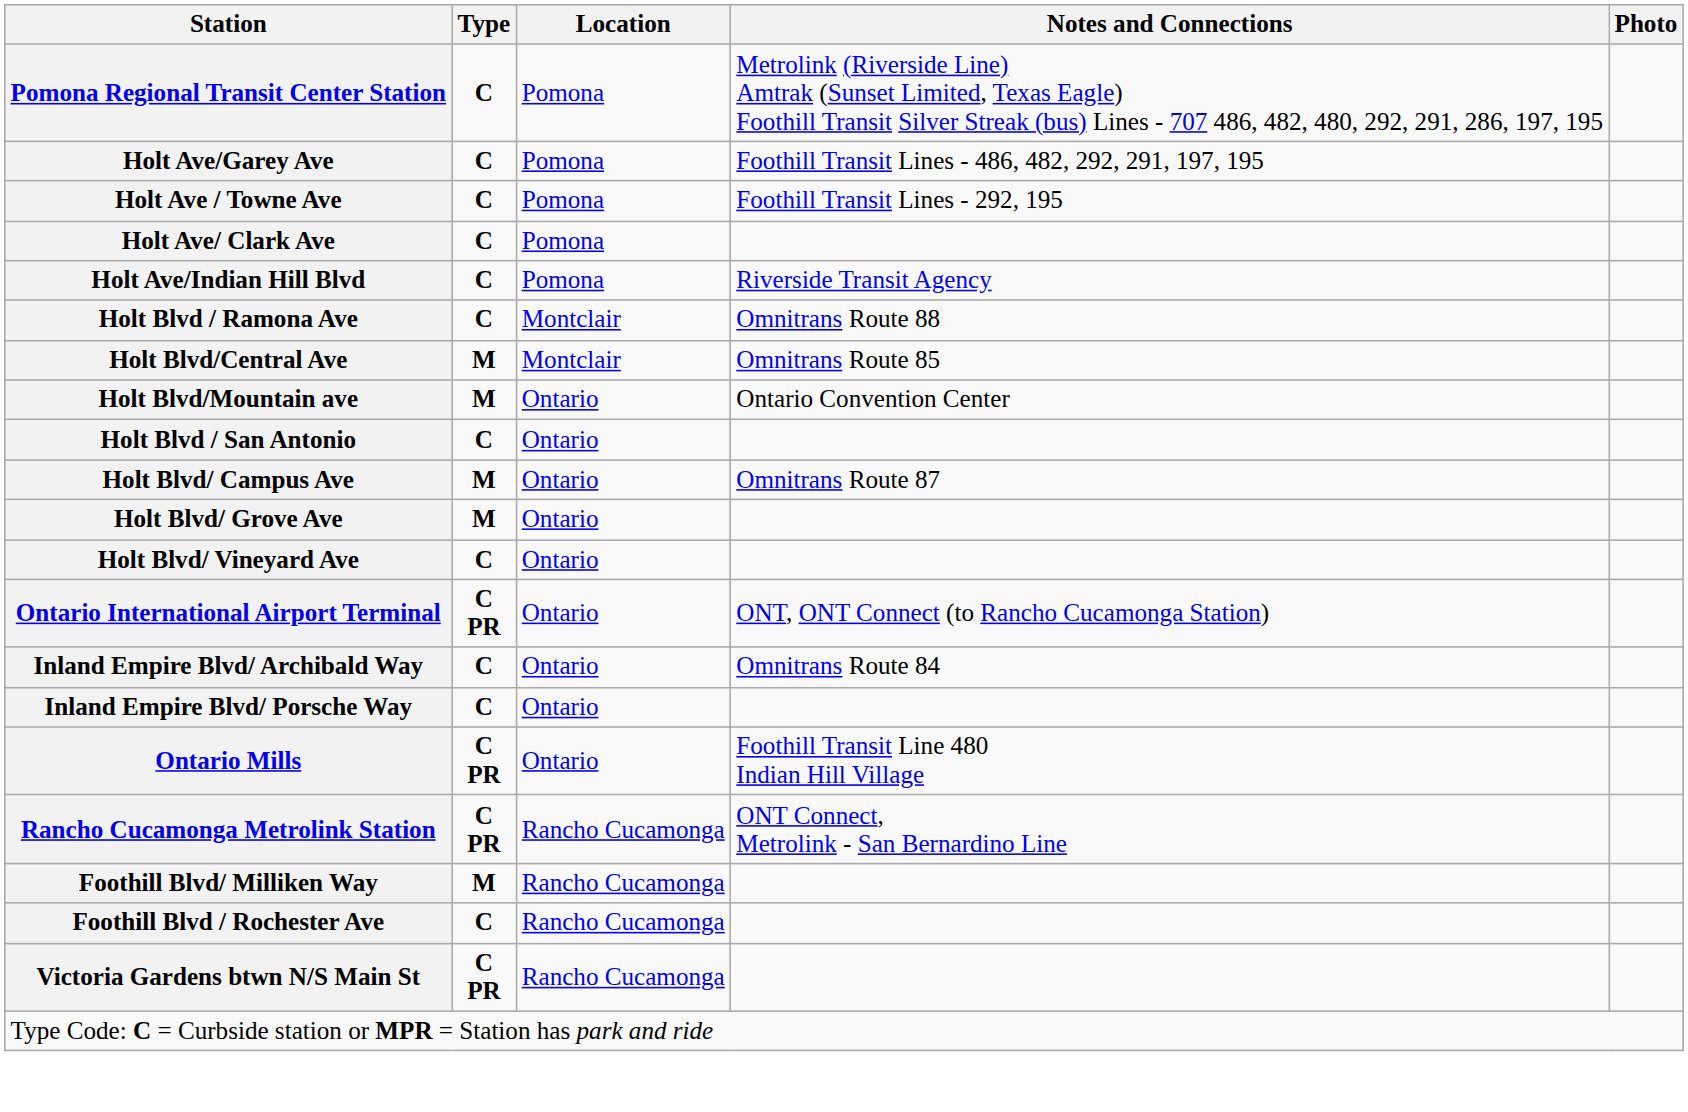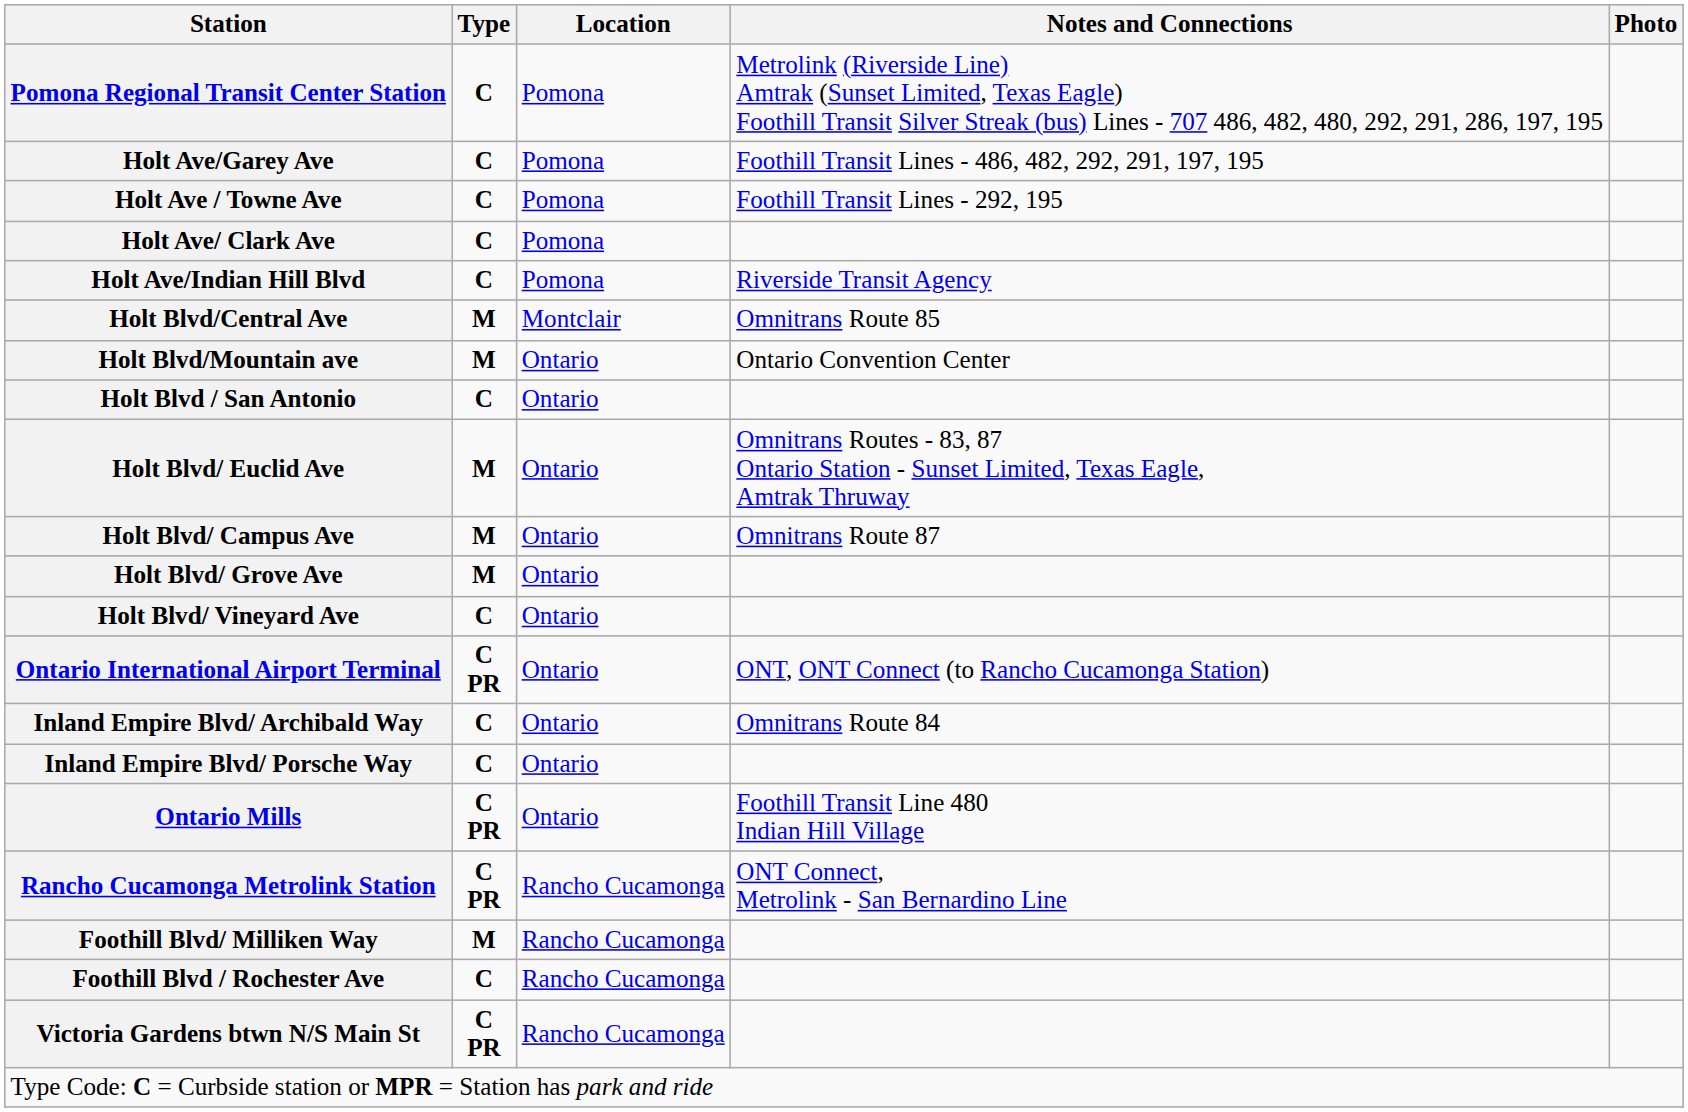 <table class="wikitable">
 <tr>
 <th>Station</th>
 <th>Type</th>
 <th>Location</th>
 <th>Notes and Connections</th>
 <th>Photo</th>
 </tr>
 <tr>
 <th><a href='#'>Pomona Regional Transit Center Station</a></th>
 <td style="text-align:center;"><strong>C</strong></td>
 <td><a href='#'>Pomona</a></td>
 <td><a href='#'>Metrolink</a> <a href='#'>(Riverside Line)</a><br><a href='#'>Amtrak</a> (<a href='#'>Sunset Limited</a>, <a href='#'>Texas Eagle</a>)<br><a href='#'>Foothill Transit</a> <a href='#'>Silver Streak (bus)</a> Lines - <a href='#'>707</a> 486, 482, 480, 292, 291, 286, 197, 195<br></td>
 <td></td>
 </tr>
 <tr>
 <th>Holt Ave/Garey Ave</th>
 <td style="text-align:center;"><strong>C</strong></td>
 <td><a href='#'>Pomona</a></td>
 <td><a href='#'>Foothill Transit</a>  Lines - 486, 482, 292, 291, 197, 195</td>
 <td></td>
 </tr>
 <tr>
 <th>Holt Ave / Towne Ave</th>
 <td style="text-align:center;"><strong>C</strong></td>
 <td><a href='#'>Pomona</a></td>
 <td><a href='#'>Foothill Transit</a> Lines - 292, 195</td>
 <td></td>
 </tr>
 <tr>
 <th>Holt Ave/ Clark Ave</th>
 <td style="text-align:center;"><strong>C</strong></td>
 <td><a href='#'>Pomona</a></td>
 <td></td>
 <td></td>
 </tr>
 <tr>
 <th>Holt Ave/Indian Hill Blvd</th>
 <td style="text-align:center;"><strong>C</strong></td>
 <td><a href='#'>Pomona</a></td>
 <td><a href='#'>Riverside Transit Agency</a></td>
 <td></td>
 </tr>
 <tr>
-<th>Holt Blvd / Ramona Ave</th>
-<td style="text-align:center;"><strong>C</strong></td>
-<td><a href='#'>Montclair</a></td>
-<td><a href='#'>Omnitrans</a> Route 88</td>
-<td></td>
-</tr>
-<tr>
 <th>Holt Blvd/Central Ave</th>
 <td style="text-align:center;"><strong>M</strong></td>
 <td><a href='#'>Montclair</a></td>
 <td><a href='#'>Omnitrans</a> Route 85</td>
 <td></td>
 </tr>
 <tr>
 <th>Holt Blvd/Mountain ave</th>
 <td style="text-align:center;"><strong>M</strong></td>
 <td><a href='#'>Ontario</a></td>
 <td>Ontario Convention Center</td>
 <td></td>
 </tr>
 <tr>
 <th>Holt Blvd / San Antonio</th>
 <td style="text-align:center;"><strong>C</strong></td>
 <td><a href='#'>Ontario</a></td>
 <td></td>
+<td></td>
+</tr>
+<tr>
+<th>Holt Blvd/ Euclid Ave</th>
+<td style="text-align:center;"><strong>M</strong></td>
+<td><a href='#'>Ontario</a></td>
+<td><a href='#'>Omnitrans</a> Routes - 83, 87<br><a href='#'>Ontario Station</a> - <a href='#'>Sunset Limited</a>, <a href='#'>Texas Eagle</a>,<br><a href='#'>Amtrak Thruway</a></td>
 <td></td>
 </tr>
 <tr>
 <th>Holt Blvd/ Campus Ave</th>
 <td style="text-align:center;"><strong>M</strong></td>
 <td><a href='#'>Ontario</a></td>
 <td><a href='#'>Omnitrans</a> Route 87</td>
 <td></td>
 </tr>
 <tr>
 <th>Holt Blvd/ Grove Ave</th>
 <td style="text-align:center;"><strong>M</strong></td>
 <td><a href='#'>Ontario</a></td>
 <td></td>
 <td></td>
 </tr>
 <tr>
 <th>Holt Blvd/ Vineyard Ave</th>
 <td style="text-align:center;"><strong>C</strong></td>
 <td><a href='#'>Ontario</a></td>
 <td></td>
 <td></td>
 </tr>
 <tr>
 <th><a href='#'>Ontario International Airport Terminal</a></th>
 <td style="text-align:center;"><strong>C</strong><br><strong>PR</strong></td>
 <td><a href='#'>Ontario</a></td>
 <td><a href='#'>ONT</a>, <a href='#'>ONT Connect</a> (to <a href='#'>Rancho Cucamonga Station</a>)</td>
 <td></td>
 </tr>
 <tr>
 <th>Inland Empire Blvd/ Archibald Way</th>
 <td style="text-align:center;"><strong>C</strong></td>
 <td><a href='#'>Ontario</a></td>
 <td><a href='#'>Omnitrans</a> Route 84</td>
 <td></td>
 </tr>
 <tr>
 <th>Inland Empire Blvd/ Porsche Way</th>
 <td style="text-align:center;"><strong>C</strong></td>
 <td><a href='#'>Ontario</a></td>
 <td></td>
 <td></td>
 </tr>
 <tr>
 <th><a href='#'>Ontario Mills</a></th>
 <td style="text-align:center;"><strong>C</strong><br><strong>PR</strong></td>
 <td><a href='#'>Ontario</a></td>
 <td><a href='#'>Foothill Transit</a> Line 480<br><a href='#'>Indian Hill Village</a></td>
 <td></td>
 </tr>
 <tr>
 <th><a href='#'>Rancho Cucamonga Metrolink Station</a></th>
 <td style="text-align:center;"><strong>C</strong><br><strong>PR</strong></td>
 <td><a href='#'>Rancho Cucamonga</a></td>
 <td><a href='#'>ONT Connect</a>,<br><a href='#'>Metrolink</a> - <a href='#'>San Bernardino Line</a></td>
 <td></td>
 </tr>
 <tr>
 <th>Foothill Blvd/ Milliken Way</th>
 <td style="text-align:center;"><strong>M</strong></td>
 <td><a href='#'>Rancho Cucamonga</a></td>
 <td></td>
 <td></td>
 </tr>
 <tr>
 <th>Foothill Blvd / Rochester Ave</th>
 <td style="text-align:center;"><strong>C</strong></td>
 <td><a href='#'>Rancho Cucamonga</a></td>
 <td></td>
 <td></td>
 </tr>
 <tr>
 <th>Victoria Gardens btwn N/S Main St</th>
 <td style="text-align:center;"><strong>C</strong><br><strong>PR</strong></td>
 <td><a href='#'>Rancho Cucamonga</a></td>
 <td></td>
 <td></td>
 </tr>
 <tr>
 <td colspan="5">Type Code: <strong>C</strong> = Curbside station or <strong>M</strong><strong>PR</strong> = Station has <em>park and ride</em></td>
 </tr>
 </table>
